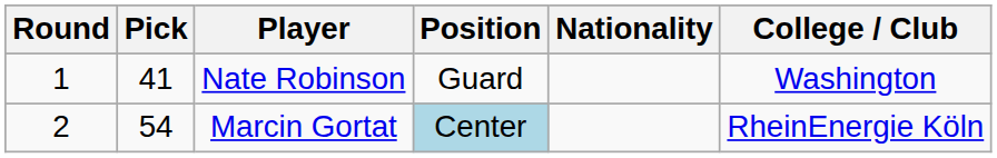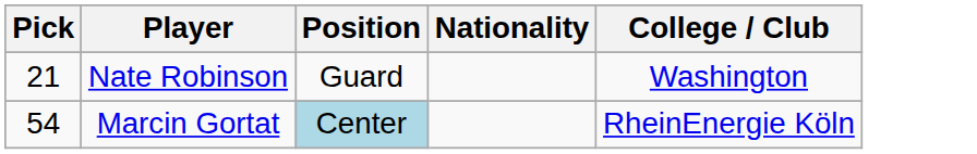 <table class="wikitable sortable sortable">
 <tr>
-<th>Round</th>
 <th>Pick</th>
 <th>Player</th>
 <th>Position</th>
 <th>Nationality</th>
 <th>College / Club</th>
 </tr>
 <tr style="text-align: center">
-<td>1</td>
-<td>41</td>
+<td>21</td>
 <td><a href='#'>Nate Robinson</a></td>
 <td>Guard</td>
 <td></td>
 <td><a href='#'>Washington</a></td>
 </tr>
 <tr style="text-align: center">
-<td>2</td>
 <td>54</td>
 <td><a href='#'>Marcin Gortat</a></td>
 <td style="background: lightblue;">Center</td>
 <td></td>
 <td> <a href='#'>RheinEnergie Köln</a></td>
 </tr>
 </table>
